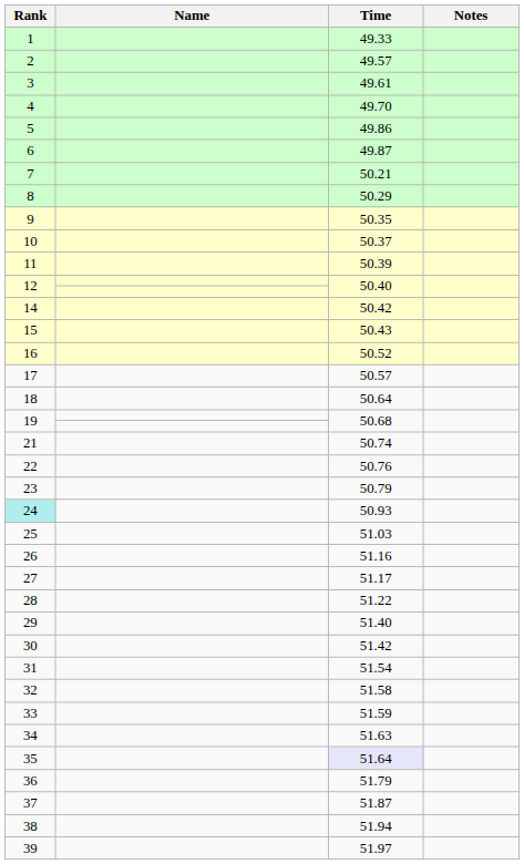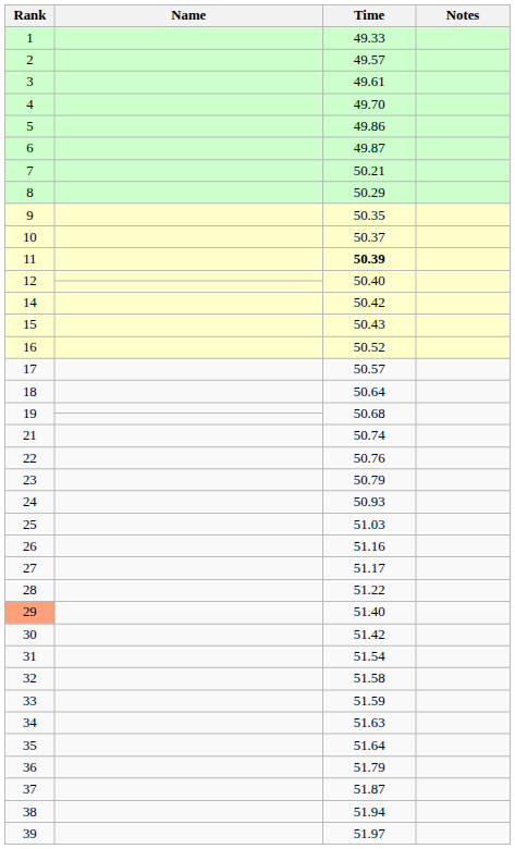 <table class="wikitable sortable" style="text-align:center">
 <tr>
 <th width=50>Rank</th>
 <th width=300>Name</th>
 <th width=100>Time</th>
 <th width=100>Notes</th>
 </tr>
 <tr bgcolor=ccffcc>
 <td align="center">1</td>
 <td align=left></td>
 <td align="center">49.33</td>
 <td></td>
 </tr>
 <tr bgcolor=ccffcc>
 <td align="center">2</td>
 <td align=left></td>
 <td align="center">49.57</td>
 <td></td>
 </tr>
 <tr bgcolor=ccffcc>
 <td align="center">3</td>
 <td align=left></td>
 <td align="center">49.61</td>
 <td></td>
 </tr>
 <tr bgcolor=ccffcc>
 <td align="center">4</td>
 <td align=left></td>
 <td align="center">49.70</td>
 <td></td>
 </tr>
 <tr bgcolor=ccffcc>
 <td align="center">5</td>
 <td align=left></td>
 <td align="center">49.86</td>
 <td></td>
 </tr>
 <tr bgcolor=ccffcc>
 <td align="center">6</td>
 <td align=left></td>
 <td align="center">49.87</td>
 <td></td>
 </tr>
 <tr bgcolor=ccffcc>
 <td align="center">7</td>
 <td align=left></td>
 <td align="center">50.21</td>
 <td></td>
 </tr>
 <tr bgcolor=ccffcc>
 <td align="center">8</td>
 <td align=left></td>
 <td align="center">50.29</td>
 <td></td>
 </tr>
 <tr bgcolor=ffffcc>
 <td align="center">9</td>
 <td align=left></td>
 <td align="center">50.35</td>
 <td></td>
 </tr>
 <tr bgcolor=ffffcc>
 <td align="center">10</td>
 <td align=left></td>
 <td align="center">50.37</td>
 <td></td>
 </tr>
 <tr bgcolor=ffffcc>
 <td align="center">11</td>
 <td align=left></td>
-<td align="center">50.39</td>
+<td align="center"><strong>50.39</strong></td>
 <td></td>
 </tr>
 <tr bgcolor=ffffcc>
 <td rowspan=2 align="center">12</td>
 <td align=left></td>
 <td rowspan=2 align="center">50.40</td>
 <td rowspan=2 align="center"></td>
 </tr>
 <tr bgcolor=ffffcc>
 <td align=left></td>
 </tr>
 <tr bgcolor=ffffcc>
 <td align="center">14</td>
 <td align=left></td>
 <td align="center">50.42</td>
 <td></td>
 </tr>
 <tr bgcolor=ffffcc>
 <td align="center">15</td>
 <td align=left></td>
 <td align="center">50.43</td>
 <td></td>
 </tr>
 <tr bgcolor=ffffcc>
 <td align="center">16</td>
 <td align=left></td>
 <td align="center">50.52</td>
 <td></td>
 </tr>
 <tr>
 <td align="center">17</td>
 <td align=left></td>
 <td align="center">50.57</td>
 <td></td>
 </tr>
 <tr>
 <td align="center">18</td>
 <td align=left></td>
 <td align="center">50.64</td>
 <td></td>
 </tr>
 <tr>
 <td rowspan=2 align="center">19</td>
 <td align=left></td>
 <td rowspan=2 align="center">50.68</td>
 <td rowspan=2 align="center"></td>
 </tr>
 <tr>
 <td align=left></td>
 </tr>
 <tr>
 <td align="center">21</td>
 <td align=left></td>
 <td align="center">50.74</td>
 <td></td>
 </tr>
 <tr>
 <td align="center">22</td>
 <td align=left></td>
 <td align="center">50.76</td>
 <td></td>
 </tr>
 <tr>
 <td align="center">23</td>
 <td align=left></td>
 <td align="center">50.79</td>
 <td></td>
 </tr>
 <tr>
-<td align="center" style="background: paleturquoise;">24</td>
+<td align="center">24</td>
 <td align=left></td>
 <td align="center">50.93</td>
 <td></td>
 </tr>
 <tr>
 <td align="center">25</td>
 <td align=left></td>
 <td align="center">51.03</td>
 <td></td>
 </tr>
 <tr>
 <td align="center">26</td>
 <td align=left></td>
 <td align="center">51.16</td>
 <td></td>
 </tr>
 <tr>
 <td align="center">27</td>
 <td align=left></td>
 <td align="center">51.17</td>
 <td></td>
 </tr>
 <tr>
 <td align="center">28</td>
 <td align=left></td>
 <td align="center">51.22</td>
 <td></td>
 </tr>
 <tr>
-<td align="center">29</td>
+<td align="center" style="background: lightsalmon;">29</td>
 <td align=left></td>
 <td align="center">51.40</td>
 <td></td>
 </tr>
 <tr>
 <td align="center">30</td>
 <td align=left></td>
 <td align="center">51.42</td>
 <td></td>
 </tr>
 <tr>
 <td align="center">31</td>
 <td align=left></td>
 <td align="center">51.54</td>
 <td></td>
 </tr>
 <tr>
 <td align="center">32</td>
 <td align=left></td>
 <td align="center">51.58</td>
 <td></td>
 </tr>
 <tr>
 <td align="center">33</td>
 <td align=left></td>
 <td align="center">51.59</td>
 <td></td>
 </tr>
 <tr>
 <td align="center">34</td>
 <td align=left></td>
 <td align="center">51.63</td>
 <td></td>
 </tr>
 <tr>
 <td align="center">35</td>
 <td align=left></td>
-<td align="center" style="background: lavender;">51.64</td>
+<td align="center">51.64</td>
 <td></td>
 </tr>
 <tr>
 <td align="center">36</td>
 <td align=left></td>
 <td align="center">51.79</td>
 <td></td>
 </tr>
 <tr>
 <td align="center">37</td>
 <td align=left></td>
 <td align="center">51.87</td>
 <td></td>
 </tr>
 <tr>
 <td align="center">38</td>
 <td align=left></td>
 <td align="center">51.94</td>
 <td></td>
 </tr>
 <tr>
 <td align="center">39</td>
 <td align=left></td>
 <td align="center">51.97</td>
 <td></td>
 </tr>
 </table>
